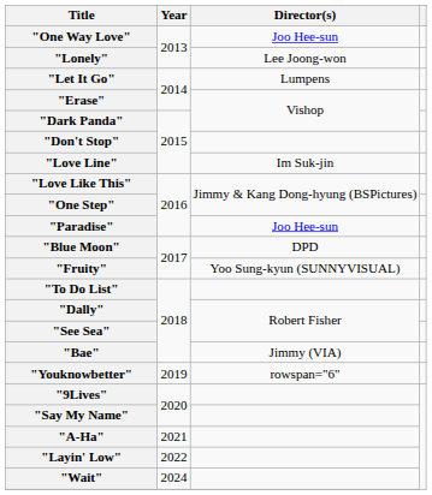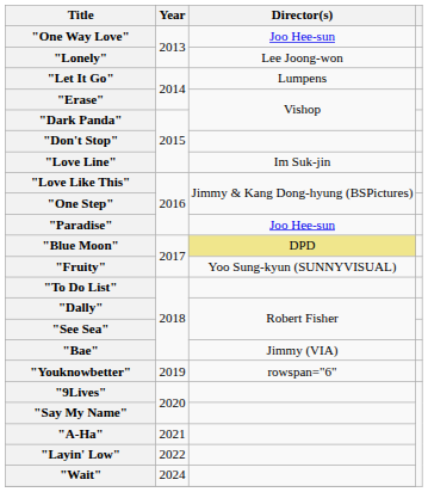 <table style="text-align:center;" class="wikitable sortable plainrowheaders">
 <tr>
 <th scope="col" style="width:11em;">Title</th>
 <th scope="col">Year</th>
 <th scope="col">Director(s)</th>
 <th class="unsortable"></th>
 </tr>
 <tr>
 <th scope="row">"One Way Love"</th>
 <td rowspan="2">2013</td>
 <td><a href='#'>Joo Hee-sun</a></td>
 <td></td>
 </tr>
 <tr>
 <th scope="row">"Lonely"</th>
 <td>Lee Joong-won</td>
 <td></td>
 </tr>
 <tr>
 <th scope="row">"Let It Go"</th>
 <td rowspan="2">2014</td>
 <td>Lumpens</td>
 <td></td>
 </tr>
 <tr>
 <th scope="row">"Erase"</th>
 <td rowspan="2">Vishop</td>
 <td></td>
 </tr>
 <tr>
 <th scope="row">"Dark Panda"</th>
 <td rowspan="3">2015</td>
 <td></td>
 </tr>
 <tr>
 <th scope="row">"Don't Stop"</th>
 <td></td>
 <td></td>
 </tr>
 <tr>
 <th scope="row">"Love Line"</th>
 <td>Im Suk-jin</td>
 <td></td>
 </tr>
 <tr>
 <th scope="row">"Love Like This"</th>
 <td rowspan="3">2016</td>
 <td rowspan="2">Jimmy & Kang Dong-hyung (BSPictures)</td>
 <td></td>
 </tr>
 <tr>
 <th scope="row">"One Step"</th>
 <td></td>
 </tr>
 <tr>
 <th scope="row">"Paradise"</th>
 <td><a href='#'>Joo Hee-sun</a></td>
 <td></td>
 </tr>
 <tr>
 <th scope="row">"Blue Moon"</th>
 <td rowspan="2">2017</td>
-<td>DPD</td>
+<td style="background: khaki;">DPD</td>
 <td></td>
 </tr>
 <tr>
 <th scope="row">"Fruity"</th>
 <td>Yoo Sung-kyun (SUNNYVISUAL)</td>
 <td></td>
 </tr>
 <tr>
 <th scope="row">"To Do List"</th>
 <td rowspan="4">2018</td>
 <td></td>
 <td></td>
 </tr>
 <tr>
 <th scope="row">"Dally"</th>
 <td rowspan="2">Robert Fisher</td>
 <td></td>
 </tr>
 <tr>
 <th scope="row">"See Sea"</th>
 <td></td>
 </tr>
 <tr>
 <th scope="row">"Bae"</th>
 <td>Jimmy (VIA)</td>
 <td></td>
 </tr>
 <tr>
 <th scope="row">"Youknowbetter"</th>
 <td>2019</td>
 <td>rowspan="6" </td>
 <td></td>
 </tr>
 <tr>
 <th scope="row">"9Lives"</th>
 <td rowspan="2">2020</td>
 <td></td>
 </tr>
 <tr>
 <th scope="row">"Say My Name"</th>
 <td></td>
 </tr>
 <tr>
 <th scope="row">"A-Ha"</th>
 <td>2021</td>
 <td></td>
 </tr>
 <tr>
 <th scope="row">"Layin' Low"</th>
 <td>2022</td>
 <td></td>
 </tr>
 <tr>
 <th scope="row">"Wait"</th>
 <td>2024</td>
 <td></td>
 </tr>
 <tr>
 </tr>
 </table>
